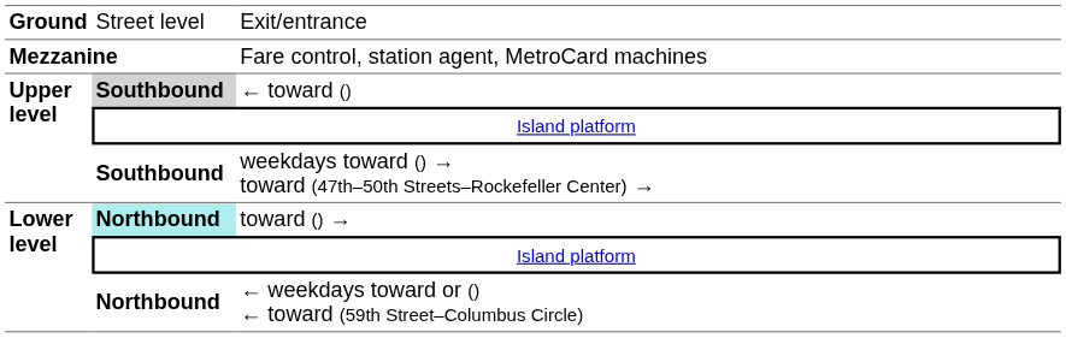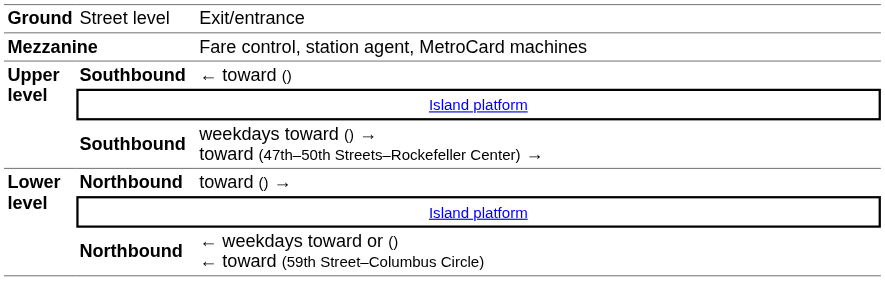 <table table border=0 cellspacing=0 cellpadding=3>
 <tr>
 <td style="border-top:solid 1px gray;" width=50><strong>Ground</strong></td>
 <td style="border-top:solid 1px gray;" width=100>Street level</td>
 <td style="border-top:solid 1px gray;" width=600>Exit/entrance</td>
 </tr>
 <tr>
 <td style="border-top:solid 1px gray;" colspan=2><strong>Mezzanine</strong></td>
 <td style="border-top:solid 1px gray;">Fare control, station agent, MetroCard machines</td>
 </tr>
 <tr>
 <td style="border-top:solid 1px gray;border-bottom:solid 1px gray;" rowspan=3 valign=top><strong>Upper level</strong></td>
-<td style="background: lightgrey; border-top:solid 1px gray;"><span><strong>Southbound</strong></span></td>
+<td style="border-top:solid 1px gray;"><span><strong>Southbound</strong></span></td>
 <td style="border-top:solid 1px gray;">←  toward  <small>()</small></td>
 </tr>
 <tr>
 <td style="border-top:solid 2px black;border-right:solid 2px black;border-left:solid 2px black;border-bottom:solid 2px black;text-align:center;" colspan=2><small><a href='#'>Island platform</a></small></td>
 </tr>
 <tr>
 <td style="border-bottom:solid 1px gray;"><span><strong>Southbound</strong></span></td>
 <td style="border-bottom:solid 1px gray;">   weekdays toward  <small>()</small> →<br>  toward  <small>(47th–50th Streets–Rockefeller Center)</small> →</td>
 </tr>
 <tr>
 <td style="border-bottom:solid 1px gray;" rowspan=3 valign=top><strong>Lower level</strong></td>
-<td style="background: paleturquoise;"><span><strong>Northbound</strong></span></td>
+<td><span><strong>Northbound</strong></span></td>
 <td>  toward  <small>()</small> →</td>
 </tr>
 <tr>
 <td style="border-top:solid 2px black;border-right:solid 2px black;border-left:solid 2px black;border-bottom:solid 2px black;text-align:center;" colspan=2><small><a href='#'>Island platform</a></small></td>
 </tr>
 <tr>
 <td style="border-bottom:solid 1px gray;"><span><strong>Northbound</strong></span></td>
 <td style="border-bottom:solid 1px gray;">←  weekdays toward  or  <small>()</small><br>←  toward  <small>(59th Street–Columbus Circle)</small></td>
 </tr>
 </table>
